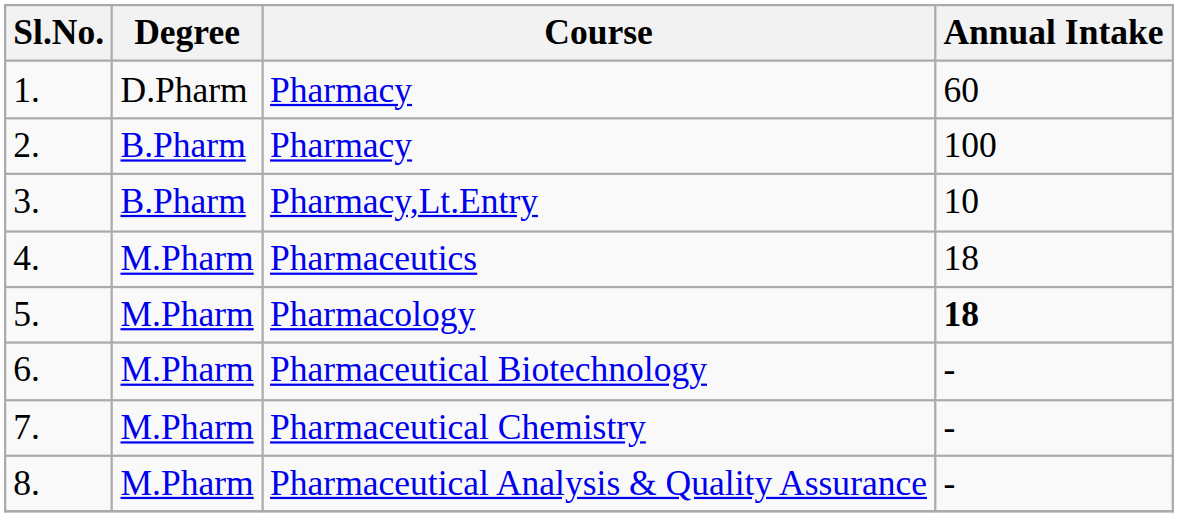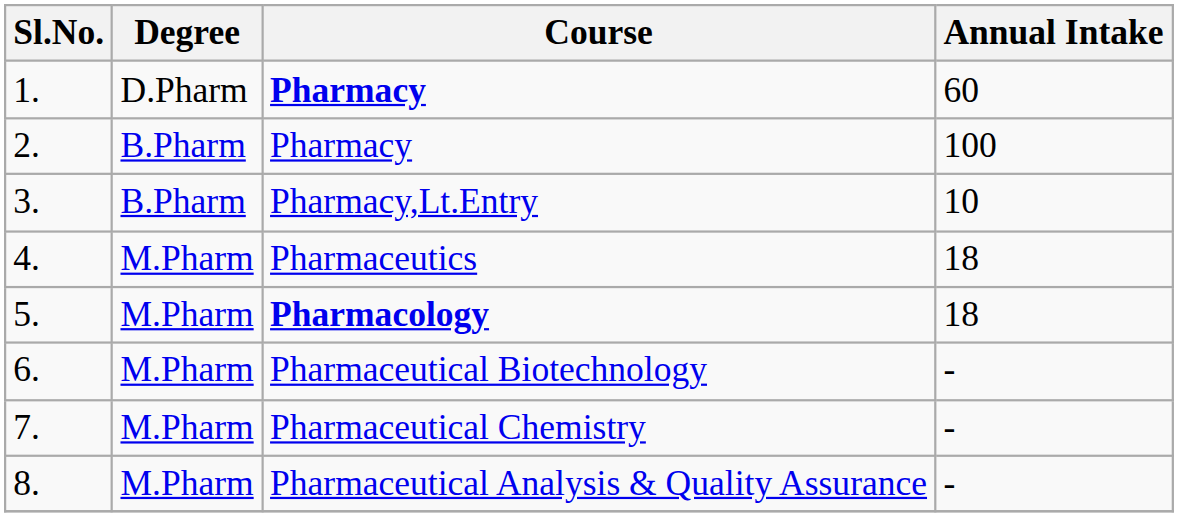 <table class="wikitable">
 <tr>
 <th>Sl.No.</th>
 <th>Degree</th>
 <th>Course</th>
 <th>Annual Intake</th>
 </tr>
 <tr>
 <td>1.</td>
 <td>D.Pharm</td>
-<td><a href='#'>Pharmacy</a></td>
+<td><strong><a href='#'>Pharmacy</a></strong></td>
 <td>60</td>
 </tr>
 <tr>
 <td>2.</td>
 <td><a href='#'>B.Pharm</a></td>
 <td><a href='#'>Pharmacy</a></td>
 <td>100</td>
 </tr>
 <tr>
 <td>3.</td>
 <td><a href='#'>B.Pharm</a></td>
 <td><a href='#'>Pharmacy,Lt.Entry</a></td>
 <td>10</td>
 </tr>
 <tr>
 <td>4.</td>
 <td><a href='#'>M.Pharm</a></td>
 <td><a href='#'>Pharmaceutics</a></td>
 <td>18</td>
 </tr>
 <tr>
 <td>5.</td>
 <td><a href='#'>M.Pharm</a></td>
-<td><a href='#'>Pharmacology</a></td>
-<td><strong>18</strong></td>
+<td><strong><a href='#'>Pharmacology</a></strong></td>
+<td>18</td>
 </tr>
 <tr>
 <td>6.</td>
 <td><a href='#'>M.Pharm</a></td>
 <td><a href='#'>Pharmaceutical Biotechnology</a></td>
 <td>-</td>
 </tr>
 <tr>
 <td>7.</td>
 <td><a href='#'>M.Pharm</a></td>
 <td><a href='#'>Pharmaceutical Chemistry</a></td>
 <td>-</td>
 </tr>
 <tr>
 <td>8.</td>
 <td><a href='#'>M.Pharm</a></td>
 <td><a href='#'>Pharmaceutical Analysis & Quality Assurance</a></td>
 <td>-</td>
 </tr>
 <tr>
 </tr>
 </table>
